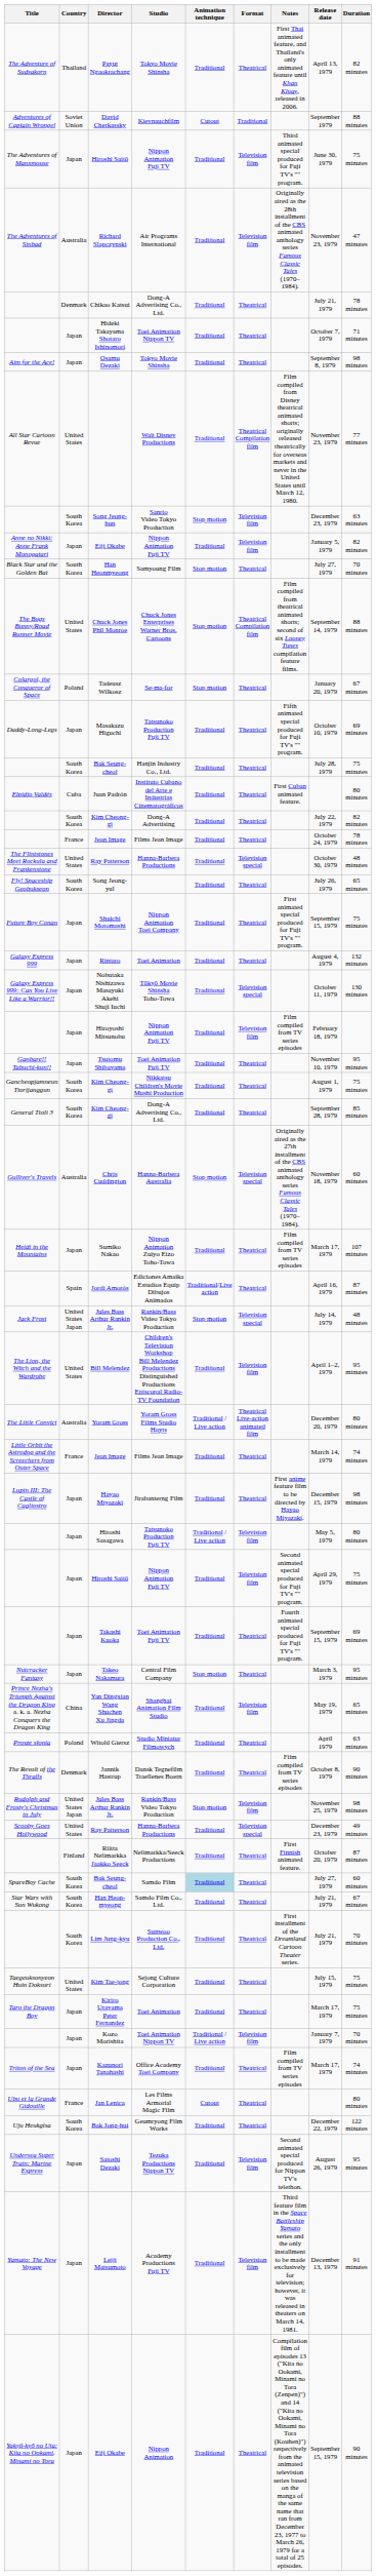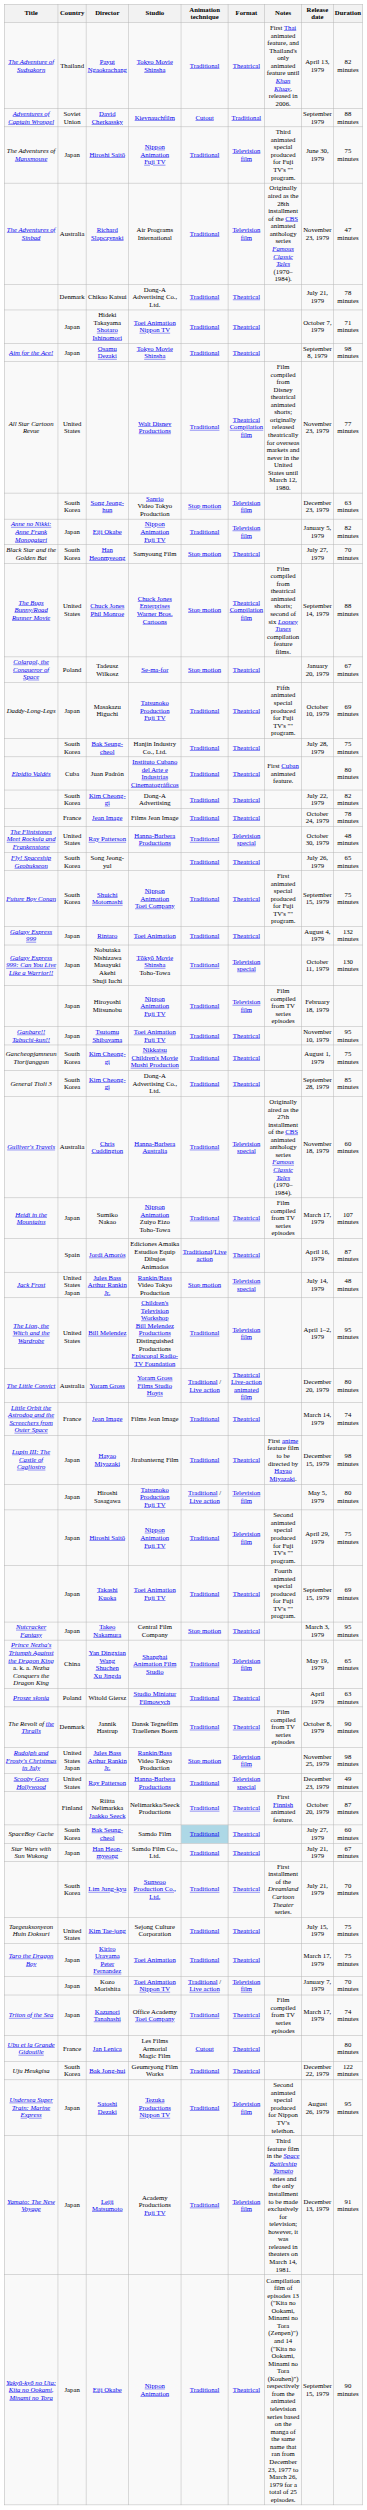 <table class="wikitable sortable" style="text-align:center; margin=auto; ">
 <tr>
 <th scope="col">Title</th>
 <th scope="col">Country</th>
 <th scope="col">Director</th>
 <th scope="col">Studio</th>
 <th scope="col">Animation technique</th>
 <th scope="col">Format</th>
 <th>Notes</th>
 <th>Release date</th>
 <th>Duration</th>
 </tr>
 <tr>
 <td><em><a href='#'>The Adventure of Sudsakorn</a></em> <br> </td>
 <td>Thailand</td>
 <td><a href='#'>Payut Ngaokrachang</a></td>
 <td><a href='#'>Tokyo Movie Shinsha</a></td>
 <td><a href='#'>Traditional</a></td>
 <td><a href='#'>Theatrical</a></td>
 <td>First <a href='#'>Thai</a> animated feature, and Thailand's only animated feature until <em><a href='#'>Khan Kluay</a></em>, released in 2006.</td>
 <td>April 13, 1979</td>
 <td>82 minutes</td>
 </tr>
 <tr>
 <td><em><a href='#'>Adventures of Captain Wrongel</a></em> <br> </td>
 <td>Soviet Union</td>
 <td><a href='#'>David Cherkassky</a></td>
 <td><a href='#'>Kievnauchfilm</a></td>
 <td><a href='#'>Cutout</a></td>
 <td><a href='#'>Traditional</a></td>
 <td></td>
 <td>September 1979</td>
 <td>88 minutes</td>
 </tr>
 <tr>
 <td><em>The Adventures of <a href='#'>Manxmouse</a></em> <br> </td>
 <td>Japan</td>
 <td><a href='#'>Hiroshi Saitô</a></td>
 <td><a href='#'>Nippon Animation</a><br><a href='#'>Fuji TV</a></td>
 <td><a href='#'>Traditional</a></td>
 <td><a href='#'>Television film</a></td>
 <td>Third animated special produced for Fuji TV's "" program.</td>
 <td>June 30, 1979</td>
 <td>75 minutes</td>
 </tr>
 <tr>
 <td><em><a href='#'>The Adventures of Sinbad</a></em></td>
 <td>Australia</td>
 <td><a href='#'>Richard Slapczynski</a></td>
 <td>Air Programs International</td>
 <td><a href='#'>Traditional</a></td>
 <td><a href='#'>Television film</a></td>
 <td>Originally aired as the 28th installment of the <a href='#'>CBS</a> animated anthology series <em><a href='#'>Famous Classic Tales</a></em> (1970–1984).</td>
 <td>November 23, 1979</td>
 <td>47 minutes</td>
 </tr>
 <tr>
 <td><em></em> <br> </td>
 <td>Denmark</td>
 <td>Chikao Katsui</td>
 <td>Dong-A Advertising Co., Ltd.</td>
 <td><a href='#'>Traditional</a></td>
 <td><a href='#'>Theatrical</a></td>
 <td></td>
 <td>July 21, 1979</td>
 <td>78 minutes</td>
 </tr>
 <tr>
 <td><em></em> <br> </td>
 <td>Japan</td>
 <td>Hideki Takayama <br> <a href='#'>Shotaro Ishinomori</a></td>
 <td><a href='#'>Toei Animation</a> <br> <a href='#'>Nippon TV</a></td>
 <td><a href='#'>Traditional</a></td>
 <td><a href='#'>Theatrical</a></td>
 <td></td>
 <td>October 7, 1979</td>
 <td>71 minutes</td>
 </tr>
 <tr>
 <td><em><a href='#'>Aim for the Ace!</a></em> <br> </td>
 <td>Japan</td>
 <td><a href='#'>Osamu Dezaki</a></td>
 <td><a href='#'>Tokyo Movie Shinsha</a></td>
 <td><a href='#'>Traditional</a></td>
 <td><a href='#'>Theatrical</a></td>
 <td></td>
 <td>September 8, 1979</td>
 <td>98 minutes</td>
 </tr>
 <tr>
 <td><em>All Star Cartoon Revue</em></td>
 <td>United States</td>
 <td></td>
 <td><a href='#'>Walt Disney Productions</a></td>
 <td><a href='#'>Traditional</a></td>
 <td><a href='#'>Theatrical</a> <br> <a href='#'>Compilation film</a></td>
 <td>Film compiled from Disney theatrical animated shorts; originally released theatrically for overseas markets and never in the United States until March 12, 1980.</td>
 <td>November 23, 1979</td>
 <td>77 minutes</td>
 </tr>
 <tr>
 <td><em></em> <br> </td>
 <td>South Korea</td>
 <td><a href='#'>Song Jeong-hun</a></td>
 <td><a href='#'>Sanrio</a> <br> Video Tokyo Production</td>
 <td><a href='#'>Stop motion</a></td>
 <td><a href='#'>Television film</a></td>
 <td></td>
 <td>December 23, 1979</td>
 <td>63 minutes</td>
 </tr>
 <tr>
 <td><em><a href='#'>Anne no Nikki: Anne Frank Monogatari</a></em> <br> </td>
 <td>Japan</td>
 <td><a href='#'>Eiji Okabe</a></td>
 <td><a href='#'>Nippon Animation</a> <br> <a href='#'>Fuji TV</a></td>
 <td><a href='#'>Traditional</a></td>
 <td><a href='#'>Television film</a></td>
 <td></td>
 <td>January 5, 1979</td>
 <td>82 minutes</td>
 </tr>
 <tr>
 <td><em>Black Star and the Golden Bat</em> <br> </td>
 <td>South Korea</td>
 <td><a href='#'>Han Heonmyeong</a></td>
 <td>Samyoung Film</td>
 <td><a href='#'>Stop motion</a></td>
 <td><a href='#'>Theatrical</a></td>
 <td></td>
 <td>July 27, 1979</td>
 <td>70 minutes</td>
 </tr>
 <tr>
 <td><em><a href='#'>The Bugs Bunny/Road Runner Movie</a></em></td>
 <td>United States</td>
 <td><a href='#'>Chuck Jones</a> <br> <a href='#'>Phil Monroe</a></td>
 <td><a href='#'>Chuck Jones Enterprises</a> <br> <a href='#'>Warner Bros. Cartoons</a> </td>
 <td><a href='#'>Stop motion</a></td>
 <td><a href='#'>Theatrical</a> <br> <a href='#'>Compilation film</a></td>
 <td>Film compiled from theatrical animated shorts; second of six <em><a href='#'>Looney Tunes</a></em> compilation feature films.</td>
 <td>September 14, 1979</td>
 <td>88 minutes</td>
 </tr>
 <tr>
 <td><em><a href='#'>Colargol, the Conqueror of Space</a></em> <br> </td>
 <td>Poland</td>
 <td>Tadeusz Wilkosz</td>
 <td><a href='#'>Se-ma-for</a></td>
 <td><a href='#'>Stop motion</a></td>
 <td><a href='#'>Theatrical</a></td>
 <td></td>
 <td>January 20, 1979</td>
 <td>67 minutes</td>
 </tr>
 <tr>
 <td><em>Daddy-Long-Legs</em> <br> </td>
 <td>Japan</td>
 <td>Masakazu Higuchi</td>
 <td><a href='#'>Tatsunoko Production</a> <br> <a href='#'>Fuji TV</a></td>
 <td><a href='#'>Traditional</a></td>
 <td><a href='#'>Theatrical</a></td>
 <td>Fifth animated special produced for Fuji TV's "" program.</td>
 <td>October 10, 1979</td>
 <td>69 minutes</td>
 </tr>
 <tr>
 <td><em></em> <br> </td>
 <td>South Korea</td>
 <td><a href='#'>Bak Seung-cheol</a></td>
 <td>Hanjin Industry Co., Ltd.</td>
 <td><a href='#'>Traditional</a></td>
 <td><a href='#'>Theatrical</a></td>
 <td></td>
 <td>July 28, 1979</td>
 <td>75 minutes</td>
 </tr>
 <tr>
 <td><em><a href='#'>Elpidio Valdés</a></em></td>
 <td>Cuba</td>
 <td>Juan Padrón</td>
 <td><a href='#'>Instituto Cubano del Arte e Industrias Cinematográficos</a></td>
 <td><a href='#'>Traditional</a></td>
 <td><a href='#'>Theatrical</a></td>
 <td>First <a href='#'>Cuban</a> animated feature.</td>
 <td></td>
 <td>80 minutes</td>
 </tr>
 <tr>
 <td><em></em> <br> </td>
 <td>South Korea</td>
 <td><a href='#'>Kim Cheong-gi</a></td>
 <td>Dong-A Advertising</td>
 <td><a href='#'>Traditional</a></td>
 <td><a href='#'>Theatrical</a></td>
 <td></td>
 <td>July 22, 1979</td>
 <td>82 minutes</td>
 </tr>
 <tr>
 <td><em></em> <br> </td>
 <td>France</td>
 <td><a href='#'>Jean Image</a></td>
 <td>Films Jean Image</td>
 <td><a href='#'>Traditional</a></td>
 <td><a href='#'>Theatrical</a></td>
 <td></td>
 <td>October 24, 1979</td>
 <td>78 minutes</td>
 </tr>
 <tr>
 <td><em><a href='#'>The Flintstones Meet Rockula and Frankenstone</a></em></td>
 <td>United States</td>
 <td><a href='#'>Ray Patterson</a></td>
 <td><a href='#'>Hanna-Barbera Productions</a></td>
 <td><a href='#'>Traditional</a></td>
 <td><a href='#'>Television special</a></td>
 <td></td>
 <td>October 30, 1979</td>
 <td>48 minutes</td>
 </tr>
 <tr>
 <td><em><a href='#'>Fly! Spaceship Geobukseon</a></em> <br> </td>
 <td>South Korea</td>
 <td>Song Jeong-yul</td>
 <td></td>
 <td><a href='#'>Traditional</a></td>
 <td><a href='#'>Theatrical</a></td>
 <td></td>
 <td>July 26, 1979</td>
 <td>65 minutes</td>
 </tr>
 <tr>
 <td><em><a href='#'>Future Boy Conan</a></em> <br> </td>
-<td>Japan</td>
+<td>South Korea</td>
 <td><a href='#'>Shuichi Motomashi</a></td>
 <td><a href='#'>Nippon Animation</a> <br> <a href='#'>Toei Company</a> </td>
 <td><a href='#'>Traditional</a></td>
 <td><a href='#'>Theatrical</a></td>
 <td>First animated special produced for Fuji TV's "" program.</td>
 <td>September 15, 1979</td>
 <td>75 minutes</td>
 </tr>
 <tr>
 <td><em><a href='#'>Galaxy Express 999</a></em> <br> </td>
 <td>Japan</td>
 <td><a href='#'>Rintaro</a></td>
 <td><a href='#'>Toei Animation</a></td>
 <td><a href='#'>Traditional</a></td>
 <td><a href='#'>Theatrical</a></td>
 <td></td>
 <td>August 4, 1979</td>
 <td>132 minutes</td>
 </tr>
 <tr>
 <td><em><a href='#'>Galaxy Express 999: Can You Live Like a Warrior!!</a></em> <br> </td>
 <td>Japan</td>
 <td>Nobutaka Nishizawa <br> Masayuki Akehi <br> Shuji Iuchi</td>
 <td><a href='#'>Tōkyō Movie Shinsha</a> <br> Toho-Towa </td>
 <td><a href='#'>Traditional</a></td>
 <td><a href='#'>Television special</a></td>
 <td></td>
 <td>October 11, 1979</td>
 <td>130 minutes</td>
 </tr>
 <tr>
 <td><em></em> <br> </td>
 <td>Japan</td>
 <td>Hiroyoshi Mitsunobu</td>
 <td><a href='#'>Nippon Animation</a> <br> <a href='#'>Fuji TV</a></td>
 <td><a href='#'>Traditional</a></td>
 <td><a href='#'>Television film</a></td>
 <td>Film compiled from TV series episodes</td>
 <td>February 18, 1979</td>
 <td></td>
 </tr>
 <tr>
 <td><em><a href='#'>Ganbare!! Tabuchi-kun!!</a></em> <br> </td>
 <td>Japan</td>
 <td><a href='#'>Tsutomu Shibayama</a></td>
 <td><a href='#'>Toei Animation</a> <br> <a href='#'>Fuji TV</a></td>
 <td><a href='#'>Traditional</a></td>
 <td><a href='#'>Theatrical</a></td>
 <td></td>
 <td>November 10, 1979</td>
 <td>95 minutes</td>
 </tr>
 <tr>
 <td><em>Gancheopjamneun Ttorijanggun</em> <br> </td>
 <td>South Korea</td>
 <td><a href='#'>Kim Cheong-gi</a></td>
 <td><a href='#'>Nikkatsu Children's Movie</a> <br> <a href='#'>Mushi Production</a></td>
 <td><a href='#'>Traditional</a></td>
 <td><a href='#'>Theatrical</a></td>
 <td></td>
 <td>August 1, 1979</td>
 <td>75 minutes</td>
 </tr>
 <tr>
 <td><em>General Ttoli 3</em> <br> </td>
 <td>South Korea</td>
 <td><a href='#'>Kim Cheong-gi</a></td>
 <td>Dong-A Advertising Co., Ltd.</td>
 <td><a href='#'>Traditional</a></td>
 <td><a href='#'>Theatrical</a></td>
 <td></td>
 <td>September 28, 1979</td>
 <td>85 minutes</td>
 </tr>
 <tr>
 <td><em><a href='#'>Gulliver's Travels</a></em></td>
 <td>Australia</td>
 <td><a href='#'>Chris Cuddington</a></td>
 <td><a href='#'>Hanna-Barbera Australia</a></td>
-<td><a href='#'>Stop motion</a></td>
+<td><a href='#'>Traditional</a></td>
 <td><a href='#'>Television special</a></td>
 <td>Originally aired as the 27th installment of the <a href='#'>CBS</a> animated anthology series <em><a href='#'>Famous Classic Tales</a></em> (1970–1984).</td>
 <td>November 18, 1979</td>
 <td>60 minutes</td>
 </tr>
 <tr>
 <td><em><a href='#'>Heidi in the Mountains</a></em> <br> </td>
 <td>Japan</td>
 <td>Sumiko Nakao</td>
 <td><a href='#'>Nippon Animation</a> <br> Zuiyo Eizo <br> Toho-Towa </td>
 <td><a href='#'>Traditional</a></td>
 <td><a href='#'>Theatrical</a></td>
 <td>Film compiled from TV series episodes</td>
 <td>March 17, 1979</td>
 <td>107 minutes</td>
 </tr>
 <tr>
 <td><em></em> <br> </td>
 <td>Spain</td>
 <td><a href='#'>Jordi Amorós</a></td>
 <td>Ediciones Amaika <br> Estudios Equip Dibujos Animados</td>
 <td><a href='#'>Traditional</a>/<a href='#'>Live action</a></td>
 <td><a href='#'>Theatrical</a></td>
 <td></td>
 <td>April 16, 1979</td>
 <td>87 minutes</td>
 </tr>
 <tr>
 <td><em><a href='#'>Jack Frost</a></em></td>
 <td>United States <br> Japan</td>
 <td><a href='#'>Jules Bass</a> <br> <a href='#'>Arthur Rankin Jr.</a></td>
 <td><a href='#'>Rankin/Bass</a> <br> Video Tokyo Production</td>
 <td><a href='#'>Stop motion</a></td>
 <td><a href='#'>Television special</a></td>
 <td></td>
 <td>July 14, 1979</td>
 <td>48 minutes</td>
 </tr>
 <tr>
 <td><em><a href='#'>The Lion, the Witch and the Wardrobe</a></em></td>
 <td> <br> United States</td>
 <td><a href='#'>Bill Melendez</a></td>
 <td><a href='#'>Children's Television Workshop</a> <br><a href='#'>Bill Melendez Productions</a> <br> Distinguished Productions <br> <a href='#'>Episcopal Radio-TV Foundation</a></td>
 <td><a href='#'>Traditional</a></td>
 <td><a href='#'>Television film</a></td>
 <td></td>
 <td>April 1–2, 1979</td>
 <td>95 minutes</td>
 </tr>
 <tr>
 <td><em><a href='#'>The Little Convict</a></em></td>
 <td>Australia</td>
 <td><a href='#'>Yoram Gross</a></td>
 <td><a href='#'>Yoram Gross Films Studio</a> <br> <a href='#'>Hoyts</a></td>
 <td><a href='#'>Traditional</a> / <a href='#'>Live action</a></td>
 <td><a href='#'>Theatrical</a> <br> <a href='#'>Live-action animated film</a></td>
 <td></td>
 <td>December 20, 1979</td>
 <td>80 minutes</td>
 </tr>
 <tr>
 <td><em><a href='#'>Little Orbit the Astrodog and the Screechers from Outer Space</a></em> <br> </td>
 <td>France</td>
 <td><a href='#'>Jean Image</a></td>
 <td>Films Jean Image</td>
 <td><a href='#'>Traditional</a></td>
 <td><a href='#'>Theatrical</a></td>
 <td></td>
 <td>March 14, 1979</td>
 <td>74 minutes</td>
 </tr>
 <tr>
 <td><em><a href='#'>Lupin III: The Castle of Cagliostro</a></em> <br> </td>
 <td>Japan</td>
 <td><a href='#'>Hayao Miyazaki</a></td>
 <td>Jirabanterng Film</td>
 <td><a href='#'>Traditional</a></td>
 <td><a href='#'>Theatrical</a></td>
 <td>First <a href='#'>anime</a> feature film to be directed by <a href='#'>Hayao Miyazaki</a>.</td>
 <td>December 15, 1979</td>
 <td>98 minutes</td>
 </tr>
 <tr>
 <td><em></em> <br> </td>
 <td>Japan</td>
 <td>Hiroshi Sasagawa</td>
 <td><a href='#'>Tatsunoko Production</a> <br> <a href='#'>Fuji TV</a></td>
 <td><a href='#'>Traditional</a> / <a href='#'>Live action</a></td>
 <td><a href='#'>Television film</a></td>
 <td></td>
 <td>May 5, 1979</td>
 <td>80 minutes</td>
 </tr>
 <tr>
 <td><em></em> <br> </td>
 <td>Japan</td>
 <td><a href='#'>Hiroshi Saitô</a></td>
 <td><a href='#'>Nippon Animation</a> <br> <a href='#'>Fuji TV</a></td>
 <td><a href='#'>Traditional</a></td>
 <td><a href='#'>Television film</a></td>
 <td>Second animated special produced for Fuji TV's "" program.</td>
 <td>April 29, 1979</td>
 <td>75 minutes</td>
 </tr>
 <tr>
 <td><em></em> <br> </td>
 <td>Japan</td>
 <td><a href='#'>Takashi Kuoka</a></td>
 <td><a href='#'>Toei Animation</a> <br> <a href='#'>Fuji TV</a></td>
 <td><a href='#'>Traditional</a></td>
 <td><a href='#'>Theatrical</a></td>
 <td>Fourth animated special produced for Fuji TV's "" program.</td>
 <td>September 15, 1979</td>
 <td>69 minutes</td>
 </tr>
 <tr>
 <td><em><a href='#'>Nutcracker Fantasy</a></em> <br> </td>
 <td>Japan</td>
 <td><a href='#'>Takeo Nakamura</a></td>
 <td>Central Film Company</td>
 <td><a href='#'>Stop motion</a></td>
 <td><a href='#'>Theatrical</a></td>
 <td></td>
 <td>March 3, 1979</td>
 <td>95 minutes</td>
 </tr>
 <tr>
 <td><em><a href='#'>Prince Nezha's Triumph Against the Dragon King</a></em> <br> a. k. a. <em>Nezha Conquers the Dragon King</em> <br> </td>
 <td>China</td>
 <td><a href='#'>Yan Dingxian</a> <br> <a href='#'>Wang Shuchen</a> <br> <a href='#'>Xu Jingda</a></td>
 <td><a href='#'>Shanghai Animation Film Studio</a></td>
 <td><a href='#'>Traditional</a></td>
 <td><a href='#'>Television film</a></td>
 <td></td>
 <td>May 19, 1979</td>
 <td>65 minutes</td>
 </tr>
 <tr>
 <td><em><a href='#'>Proszę słonia</a></em> <br> </td>
 <td>Poland</td>
 <td>Witold Giersz</td>
 <td><a href='#'>Studio Miniatur Filmowych</a></td>
 <td><a href='#'>Traditional</a></td>
 <td><a href='#'>Theatrical</a></td>
 <td></td>
 <td>April 1979</td>
 <td>63 minutes</td>
 </tr>
 <tr>
 <td><em>The Revolt of <a href='#'>the Thralls</a></em> <br> </td>
 <td>Denmark</td>
 <td>Jannik Hastrup</td>
 <td>Dansk Tegnefilm<br>Traellenes Boern</td>
 <td><a href='#'>Traditional</a></td>
 <td><a href='#'>Theatrical</a></td>
 <td>Film compiled from TV series episodes</td>
 <td>October 8, 1979</td>
 <td>90 minutes</td>
 </tr>
 <tr>
 <td><em><a href='#'>Rudolph and Frosty's Christmas in July</a></em></td>
 <td>United States <br> Japan</td>
 <td><a href='#'>Jules Bass</a> <br> <a href='#'>Arthur Rankin Jr.</a></td>
 <td><a href='#'>Rankin/Bass</a> <br> Video Tokyo Production</td>
 <td><a href='#'>Stop motion</a></td>
 <td><a href='#'>Television film</a></td>
 <td></td>
 <td>November 25, 1979</td>
 <td>98 minutes</td>
 </tr>
 <tr>
 <td><em><a href='#'>Scooby Goes Hollywood</a></em></td>
 <td>United States</td>
 <td><a href='#'>Ray Patterson</a></td>
 <td><a href='#'>Hanna-Barbera Productions</a></td>
 <td><a href='#'>Traditional</a></td>
 <td><a href='#'>Television special</a></td>
 <td></td>
 <td>December 23, 1979</td>
 <td>49 minutes</td>
 </tr>
 <tr>
 <td><em></em> <br> </td>
 <td>Finland</td>
 <td>Riitta Nelimarkka <br> <a href='#'>Jaakko Seeck</a></td>
 <td>Nelimarkka/Seeck Productions</td>
 <td><a href='#'>Traditional</a></td>
 <td><a href='#'>Theatrical</a></td>
 <td>First <a href='#'>Finnish</a> animated feature.</td>
 <td>October 20, 1979</td>
 <td>87 minutes</td>
 </tr>
 <tr>
 <td><em>SpaceBoy Cache</em> <br> </td>
 <td>South Korea</td>
 <td><a href='#'>Bak Seung-cheol</a></td>
 <td>Samdo Film</td>
 <td style="background: lightblue;"><a href='#'>Traditional</a></td>
 <td><a href='#'>Theatrical</a></td>
 <td></td>
 <td>July 27, 1979</td>
 <td>60 minutes</td>
 </tr>
 <tr>
 <td><em>Star Wars with Sun Wukong</em> <br> </td>
-<td>South Korea</td>
+<td>Japan</td>
 <td><a href='#'>Han Heon-myeong</a></td>
 <td>Samdo Film Co., Ltd.</td>
 <td><a href='#'>Traditional</a></td>
 <td><a href='#'>Theatrical</a></td>
 <td></td>
 <td>July 21, 1979</td>
 <td>67 minutes</td>
 </tr>
 <tr>
 <td><em></em> <br> </td>
 <td>South Korea</td>
 <td><a href='#'>Lim Jung-kyu</a></td>
 <td><a href='#'>Sunwoo Production Co., Ltd.</a></td>
 <td><a href='#'>Traditional</a></td>
 <td><a href='#'>Theatrical</a></td>
 <td>First installment of the <em>Dreamland Cartoon Theater</em> series.</td>
 <td>July 21, 1979</td>
 <td>70 minutes</td>
 </tr>
 <tr>
 <td><em>Taegeuksonyeon Huin Doksuri</em> <br> </td>
 <td> <br> United States</td>
 <td><a href='#'>Kim Tae-jong</a></td>
 <td>Sejong Culture Corporation</td>
 <td><a href='#'>Traditional</a></td>
 <td><a href='#'>Theatrical</a></td>
 <td></td>
 <td>July 15, 1979</td>
 <td>75 minutes</td>
 </tr>
 <tr>
 <td><em><a href='#'>Taro the Dragon Boy</a></em> <br> </td>
 <td>Japan</td>
 <td><a href='#'>Kiriro Urayama</a> <br> <a href='#'>Peter Fernandez</a></td>
 <td><a href='#'>Toei Animation</a></td>
 <td><a href='#'>Traditional</a></td>
 <td><a href='#'>Theatrical</a></td>
 <td></td>
 <td>March 17, 1979</td>
 <td>75 minutes</td>
 </tr>
 <tr>
 <td><em></em> <br> </td>
 <td>Japan</td>
 <td>Kozo Morishita</td>
 <td><a href='#'>Toei Animation</a> <br> <a href='#'>Nippon TV</a></td>
 <td><a href='#'>Traditional</a> / <a href='#'>Live action</a></td>
 <td><a href='#'>Television film</a></td>
 <td></td>
 <td>January 7, 1979</td>
 <td>70 minutes</td>
 </tr>
 <tr>
 <td><em><a href='#'>Triton of the Sea</a></em> <br> </td>
 <td>Japan</td>
 <td><a href='#'>Kazunori Tanahashi</a></td>
 <td>Office Academy <br> <a href='#'>Toei Company</a> </td>
 <td><a href='#'>Traditional</a></td>
 <td><a href='#'>Theatrical</a></td>
 <td>Film compiled from TV series episodes</td>
 <td>March 17, 1979</td>
 <td>74 minutes</td>
 </tr>
 <tr>
 <td><em><a href='#'>Ubu et la Grande Gidouille</a></em> <br> </td>
 <td>France</td>
 <td><a href='#'>Jan Lenica</a></td>
 <td>Les Films Armorial <br> Magic Film</td>
 <td><a href='#'>Cutout</a></td>
 <td><a href='#'>Theatrical</a></td>
 <td></td>
 <td></td>
 <td>80 minutes</td>
 </tr>
 <tr>
 <td><em>Uju Heukgisa</em> <br> </td>
 <td>South Korea</td>
 <td><a href='#'>Bak Jong-hui</a></td>
 <td>Geumryong Film Works</td>
 <td><a href='#'>Traditional</a></td>
 <td><a href='#'>Theatrical</a></td>
 <td></td>
 <td>December 22, 1979</td>
 <td>122 minutes</td>
 </tr>
 <tr>
 <td><em><a href='#'>Undersea Super Train: Marine Express</a></em> <br> </td>
 <td>Japan</td>
 <td><a href='#'>Satoshi Dezaki</a></td>
 <td><a href='#'>Tezuka Productions</a> <br> <a href='#'>Nippon TV</a></td>
 <td><a href='#'>Traditional</a></td>
 <td><a href='#'>Television film</a></td>
 <td>Second animated special produced for Nippon TV's  telethon.</td>
 <td>August 26, 1979</td>
 <td>95 minutes</td>
 </tr>
 <tr>
 <td><em><a href='#'>Yamato: The New Voyage</a></em> <br> </td>
 <td>Japan</td>
 <td><a href='#'>Leiji Matsumoto</a></td>
 <td>Academy Productions <br> <a href='#'>Fuji TV</a></td>
 <td><a href='#'>Traditional</a></td>
 <td><a href='#'>Television film</a></td>
 <td>Third feature film in the <em><a href='#'>Space Battleship Yamato</a></em> series and the only installment to be made exclusively for television; however, it was released in theaters on March 14, 1981.</td>
 <td>December 13, 1979</td>
 <td>91 minutes</td>
 </tr>
 <tr>
 <td><em><a href='#'>Yakyū-kyō no Uta: Kita no Ookami, Minami no Tora</a></em> <br> </td>
 <td>Japan</td>
 <td><a href='#'>Eiji Okabe</a></td>
 <td><a href='#'>Nippon Animation</a></td>
 <td><a href='#'>Traditional</a></td>
 <td><a href='#'>Theatrical</a></td>
 <td>Compilation film of episodes 13 ("Kita no Ookami, Minami no Tora (Zenpen)") and 14 ("Kita no Ookami, Minami no Tora (Kouhen)") respectively from the animated television series based on the manga of the same name that ran from December 23, 1977 to March 26, 1979 for a total of 25 episodes.</td>
 <td>September 15, 1979</td>
 <td>90 minutes</td>
 </tr>
 </table>
